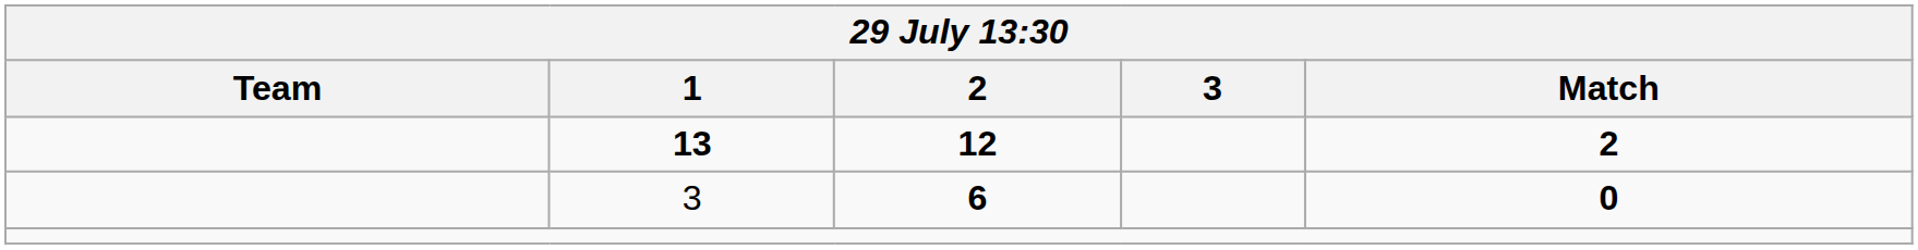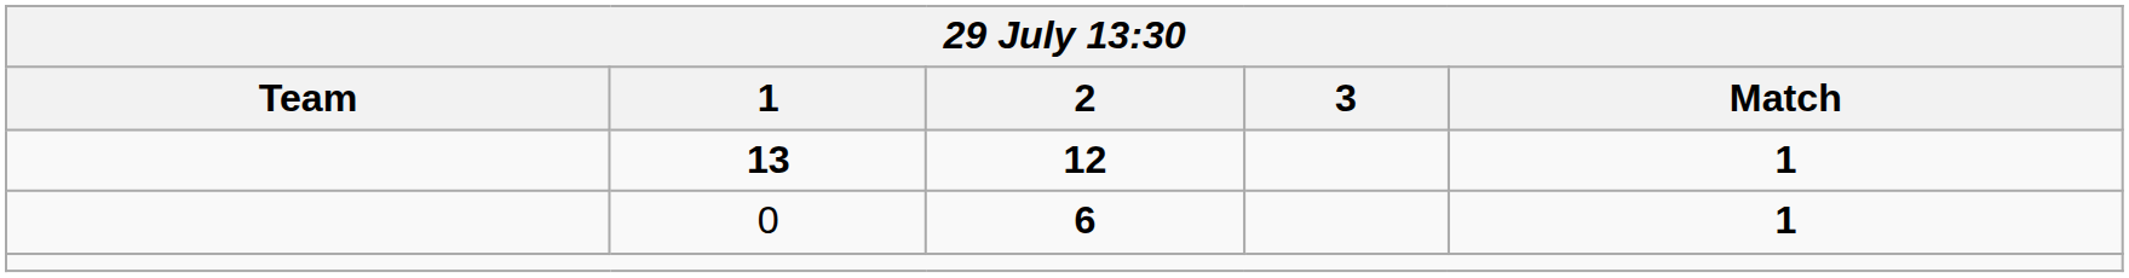 <table class=wikitable style="text-align:center; width: 55%">
 <tr>
 <th colspan=10><em>29 July 13:30</em></th>
 </tr>
 <tr>
 <th>Team</th>
 <th>1</th>
 <th>2</th>
 <th>3</th>
 <th>Match</th>
 </tr>
 <tr>
 <td align=left><strong><br></strong></td>
 <td><strong>13</strong></td>
 <td><strong>12</strong></td>
 <td></td>
-<td><strong>2</strong></td>
+<td><strong>1</strong></td>
 </tr>
 <tr>
 <td align=left><br></td>
-<td>3</td>
+<td>0</td>
 <td><strong>6</strong></td>
 <td></td>
-<td><strong>0</strong></td>
+<td><strong>1</strong></td>
 </tr>
 <tr>
 <td colspan=10></td>
 </tr>
 </table>
